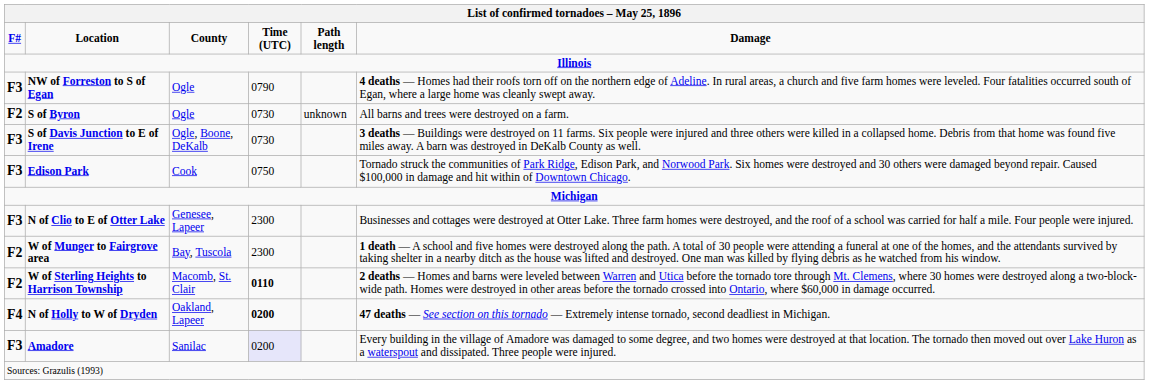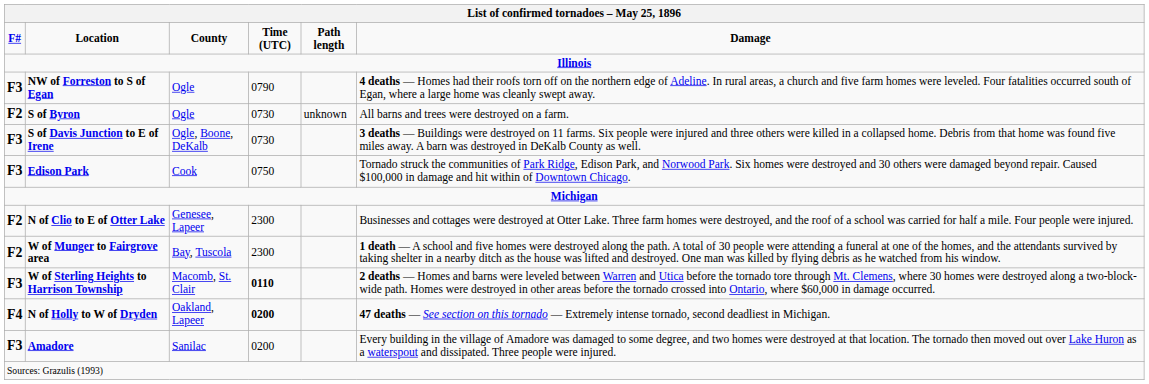 <table class="wikitable toccolours collapsible" style="width:100%;">
 <tr>
 <th colspan="6">List of confirmed tornadoes – May 25, 1896</th>
 </tr>
 <tr style="text-align:center;">
 <td><strong><a href='#'>F#</a></strong></td>
 <td><strong>Location</strong></td>
 <td><strong>County</strong></td>
 <td><strong>Time (UTC)</strong></td>
 <td><strong>Path length</strong></td>
 <td><strong>Damage</strong></td>
 </tr>
 <tr>
 <td colspan="7" style="text-align:center;"><strong><a href='#'>Illinois</a></strong></td>
 </tr>
 <tr>
 <td><big><strong>F3</strong></big></td>
 <td><strong>NW of <a href='#'>Forreston</a> to S of <a href='#'>Egan</a></strong></td>
 <td><a href='#'>Ogle</a></td>
 <td>0790</td>
 <td></td>
 <td><strong>4 deaths</strong> — Homes had their roofs torn off on the northern edge of <a href='#'>Adeline</a>. In rural areas, a church and five farm homes were leveled. Four fatalities occurred south of Egan, where a large home was cleanly swept away.</td>
 </tr>
 <tr>
 <td><big><strong>F2</strong></big></td>
 <td><strong>S of <a href='#'>Byron</a></strong></td>
 <td><a href='#'>Ogle</a></td>
 <td>0730</td>
 <td>unknown</td>
 <td>All barns and trees were destroyed on a farm.</td>
 </tr>
 <tr>
 <td><big><strong>F3</strong></big></td>
 <td><strong>S of <a href='#'>Davis Junction</a> to E of <a href='#'>Irene</a></strong></td>
 <td><a href='#'>Ogle</a>, <a href='#'>Boone</a>, <a href='#'>DeKalb</a></td>
 <td>0730</td>
 <td></td>
 <td><strong>3 deaths</strong> — Buildings were destroyed on 11 farms. Six people were injured and three others were killed in a collapsed home. Debris from that home was found five miles away. A barn was destroyed in DeKalb County as well.</td>
 </tr>
 <tr>
 <td><big><strong>F3</strong></big></td>
 <td><strong><a href='#'>Edison Park</a></strong></td>
 <td><a href='#'>Cook</a></td>
 <td>0750</td>
 <td></td>
 <td>Tornado struck the communities of <a href='#'>Park Ridge</a>, Edison Park, and <a href='#'>Norwood Park</a>. Six homes were destroyed and 30 others were damaged beyond repair. Caused $100,000 in damage and hit within  of <a href='#'>Downtown Chicago</a>.</td>
 </tr>
 <tr>
 <td colspan="7" style="text-align:center;"><strong><a href='#'>Michigan</a></strong></td>
 </tr>
 <tr>
-<td><big><strong>F3</strong></big></td>
+<td><big><strong>F2</strong></big></td>
 <td><strong>N of <a href='#'>Clio</a> to E of <a href='#'>Otter Lake</a></strong></td>
 <td><a href='#'>Genesee</a>, <a href='#'>Lapeer</a></td>
 <td>2300</td>
 <td></td>
 <td>Businesses and cottages were destroyed at Otter Lake. Three farm homes were destroyed, and the roof of a school was carried for half a mile. Four people were injured.</td>
 </tr>
 <tr>
 <td><big><strong>F2</strong></big></td>
 <td><strong>W of <a href='#'>Munger</a> to <a href='#'>Fairgrove</a> area</strong></td>
 <td><a href='#'>Bay</a>, <a href='#'>Tuscola</a></td>
 <td>2300</td>
 <td></td>
 <td><strong>1 death</strong> — A school and five homes were destroyed along the path. A total of 30 people were attending a funeral at one of the homes, and the attendants survived by taking shelter in a nearby ditch as the house was lifted and destroyed. One man was killed by flying debris as he watched from his window.</td>
 </tr>
 <tr>
-<td><big><strong>F2</strong></big></td>
+<td><big><strong>F3</strong></big></td>
 <td><strong>W of <a href='#'>Sterling Heights</a> to <a href='#'>Harrison Township</a></strong></td>
 <td><a href='#'>Macomb</a>, <a href='#'>St. Clair</a></td>
 <td><strong>0110</strong></td>
 <td></td>
 <td><strong>2 deaths</strong> — Homes and barns were leveled between <a href='#'>Warren</a> and <a href='#'>Utica</a> before the tornado tore through <a href='#'>Mt. Clemens</a>, where 30 homes were destroyed along a two-block-wide path. Homes were destroyed in other areas before the tornado crossed into <a href='#'>Ontario</a>, where $60,000 in damage occurred.</td>
 </tr>
 <tr>
 <td><big><strong>F4</strong></big></td>
 <td><strong>N of <a href='#'>Holly</a> to W of <a href='#'>Dryden</a></strong></td>
 <td><a href='#'>Oakland</a>, <a href='#'>Lapeer</a></td>
 <td><strong>0200</strong></td>
 <td></td>
 <td><strong>47 deaths</strong> — <em><a href='#'>See section on this tornado</a></em> — Extremely intense tornado, second deadliest in Michigan.</td>
 </tr>
 <tr>
 <td><big><strong>F3</strong></big></td>
 <td><strong><a href='#'>Amadore</a></strong></td>
 <td><a href='#'>Sanilac</a></td>
-<td style="background: lavender;">0200</td>
+<td>0200</td>
 <td></td>
 <td>Every building in the village of Amadore was damaged to some degree, and two homes were destroyed at that location. The tornado then moved out over <a href='#'>Lake Huron</a> as a <a href='#'>waterspout</a> and dissipated. Three people were injured.</td>
 </tr>
 <tr>
 <td colspan="7"><small>Sources: Grazulis (1993) </small></td>
 </tr>
 </table>
